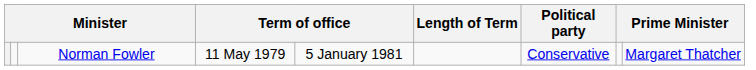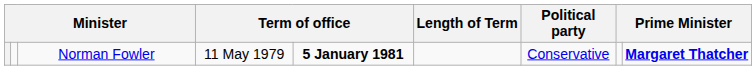 <table class="wikitable" style="text-align:center">
 <tr>
 <th colspan=3>Minister</th>
 <th colspan=2 width=240>Term of office</th>
 <th>Length of Term</th>
 <th>Political party</th>
 <th colspan=2>Prime Minister</th>
 </tr>
 <tr style="height:1em">
 <th style="background-color:"></th>
 <td></td>
 <td width=195><a href='#'>Norman Fowler</a></td>
 <td>11 May 1979</td>
-<td>5 January 1981</td>
+<td><strong>5 January 1981</strong></td>
 <td></td>
 <td width=100><a href='#'>Conservative</a></td>
 <td style="background-color:"></td>
-<td><a href='#'>Margaret Thatcher</a></td>
+<td><strong><a href='#'>Margaret Thatcher</a></strong></td>
 </tr>
 </table>
